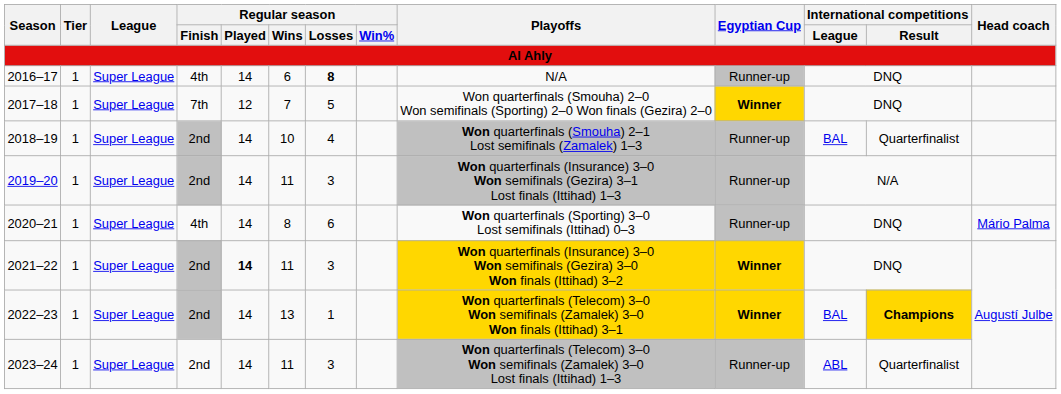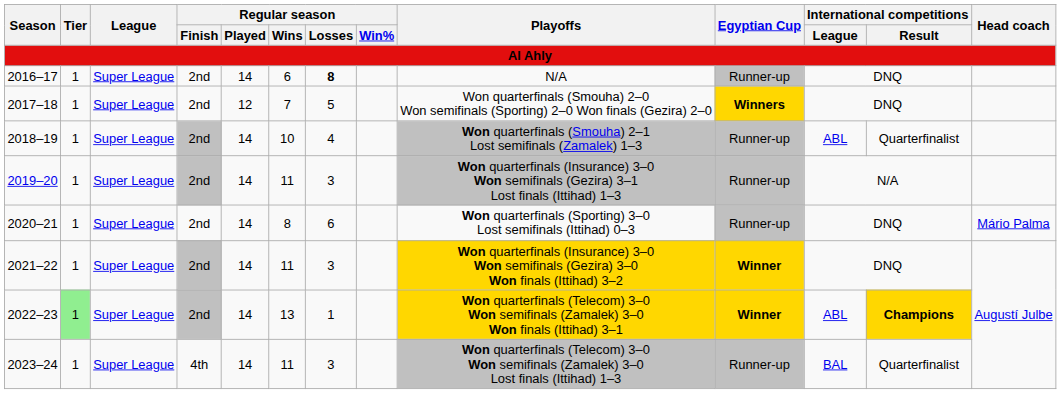 <table class="wikitable plainrowheaders" style="text-align:center; font-size:95%" summary="Season (sortable), Team, Conference, Conference finish (sortable), Division, Division finish (sortable), Wins (sortable), Losses (sortable), Win% (sortable), GB (sortable), Playoffs, Awards and Head coach">
 <tr>
 <th scope="col" rowspan=2>Season</th>
 <th scope="col" rowspan=2>Tier</th>
 <th scope="col" rowspan=2>League</th>
 <th scope="col" colspan=5>Regular season</th>
 <th scope="col" rowspan=2>Playoffs</th>
 <th scope="col" rowspan=2><a href='#'>Egyptian Cup</a></th>
 <th scope="col" colspan=2>International competitions</th>
 <th scope="col" rowspan=2>Head coach</th>
 </tr>
 <tr>
 <th scope="col">Finish</th>
 <th scope="col">Played</th>
 <th scope="col">Wins</th>
 <th scope="col">Losses</th>
 <th scope="col"><a href='#'>Win%</a></th>
 <th scope="col">League</th>
 <th scope="col">Result</th>
 </tr>
 <tr class="sortbottom">
 <td colspan="14" class=unsortable align=center style="border:1.5px solid vegasgold; background-color:#e20e0e"><span><strong>Al Ahly</strong></span></td>
 </tr>
 <tr>
 <td>2016–17</td>
 <td>1</td>
 <td><a href='#'>Super League</a></td>
-<td>4th</td>
+<td>2nd</td>
 <td>14</td>
 <td>6</td>
 <td><strong>8</strong></td>
 <td></td>
 <td>N/A</td>
 <td bgcolor=silver>Runner-up</td>
 <td colspan=2>DNQ</td>
 <td></td>
 </tr>
 <tr>
 <td>2017–18</td>
 <td>1</td>
 <td><a href='#'>Super League</a></td>
-<td>7th</td>
+<td>2nd</td>
 <td>12</td>
 <td>7</td>
 <td>5</td>
 <td></td>
 <td>Won quarterfinals (Smouha) 2–0<br>Won semifinals (Sporting) 2–0 Won finals (Gezira) 2–0</td>
-<td bgcolor=gold><strong>Winner</strong></td>
+<td bgcolor=gold><strong>Winners</strong></td>
 <td colspan=2>DNQ</td>
 <td></td>
 </tr>
 <tr>
 <td>2018–19</td>
 <td>1</td>
 <td><a href='#'>Super League</a></td>
 <td bgcolor=silver>2nd</td>
 <td>14</td>
 <td>10</td>
 <td>4</td>
 <td></td>
 <td bgcolor=silver><strong>Won</strong> quarterfinals (<a href='#'>Smouha</a>) 2–1<br>Lost semifinals (<a href='#'>Zamalek</a>) 1–3</td>
 <td bgcolor=silver>Runner-up</td>
-<td><a href='#'>BAL</a></td>
+<td><a href='#'>ABL</a></td>
 <td>Quarterfinalist</td>
 <td></td>
 </tr>
 <tr>
 <td><a href='#'>2019–20</a></td>
 <td>1</td>
 <td><a href='#'>Super League</a></td>
 <td bgcolor=silver>2nd</td>
 <td>14</td>
 <td>11</td>
 <td>3</td>
 <td></td>
 <td bgcolor=silver><strong>Won</strong> quarterfinals (Insurance) 3–0<br><strong>Won</strong> semifinals (Gezira) 3–1<br>Lost finals (Ittihad) 1–3</td>
 <td bgcolor=silver>Runner-up</td>
 <td colspan=2>N/A</td>
 <td></td>
 </tr>
 <tr>
 <td>2020–21</td>
 <td>1</td>
 <td><a href='#'>Super League</a></td>
-<td>4th</td>
+<td>2nd</td>
 <td>14</td>
 <td>8</td>
 <td>6</td>
 <td></td>
 <td><strong>Won</strong> quarterfinals (Sporting) 3–0<br>Lost semifinals (Ittihad) 0–3</td>
 <td bgcolor=silver>Runner-up</td>
 <td colspan=2>DNQ</td>
 <td><a href='#'>Mário Palma</a></td>
 </tr>
 <tr>
 <td>2021–22</td>
 <td>1</td>
 <td><a href='#'>Super League</a></td>
 <td bgcolor=silver>2nd</td>
-<td><strong>14</strong></td>
+<td>14</td>
 <td>11</td>
 <td>3</td>
 <td></td>
 <td bgcolor=gold><strong>Won</strong> quarterfinals (Insurance) 3–0<br><strong>Won</strong> semifinals (Gezira) 3–0<br><strong>Won</strong> finals (Ittihad) 3–2</td>
 <td bgcolor=gold><strong>Winner</strong></td>
 <td colspan=2>DNQ</td>
 <td rowspan="3"><a href='#'>Augustí Julbe</a></td>
 </tr>
 <tr>
 <td>2022–23</td>
-<td>1</td>
+<td style="background: lightgreen;">1</td>
 <td><a href='#'>Super League</a></td>
 <td bgcolor=silver>2nd</td>
 <td>14</td>
 <td>13</td>
 <td>1</td>
 <td></td>
 <td bgcolor=gold><strong>Won</strong> quarterfinals (Telecom) 3–0<br><strong>Won</strong> semifinals (Zamalek) 3–0<br><strong>Won</strong> finals (Ittihad) 3–1</td>
 <td bgcolor=gold><strong>Winner</strong></td>
-<td><a href='#'>BAL</a></td>
+<td><a href='#'>ABL</a></td>
 <td bgcolor=gold><strong>Champions</strong></td>
 </tr>
 <tr>
 <td>2023–24</td>
 <td>1</td>
 <td><a href='#'>Super League</a></td>
-<td>2nd</td>
+<td>4th</td>
 <td>14</td>
 <td>11</td>
 <td>3</td>
 <td></td>
 <td bgcolor=silver><strong>Won</strong> quarterfinals (Telecom) 3–0<br><strong>Won</strong> semifinals (Zamalek) 3–0<br>Lost finals (Ittihad) 1–3</td>
 <td bgcolor=silver>Runner-up</td>
-<td><a href='#'>ABL</a></td>
+<td><a href='#'>BAL</a></td>
 <td>Quarterfinalist</td>
 </tr>
 </table>
